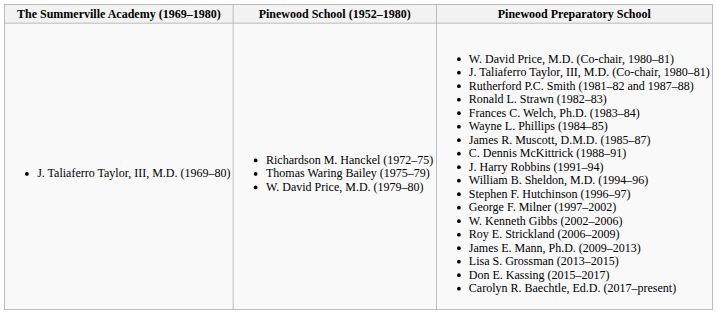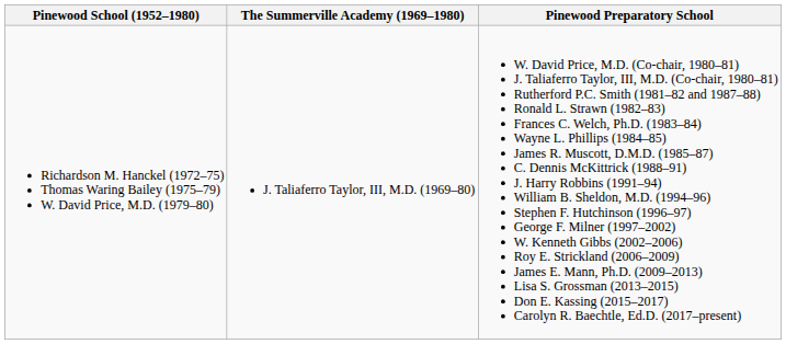 <table class="wikitable">
 <tr>
+<th><strong>Pinewood School</strong> (1952–1980)</th>
 <th><strong>The Summerville Academy</strong> (1969–1980)</th>
-<th><strong>Pinewood School</strong> (1952–1980)</th>
 <th><strong>Pinewood Preparatory School</strong></th>
 </tr>
 <tr>
+<td><br><ul><li>Richardson M. Hanckel (1972–75)</li><li>Thomas Waring Bailey (1975–79)</li><li>W. David Price, M.D. (1979–80)</li></ul></td>
 <td><br><ul><li>J. Taliaferro Taylor, III, M.D. (1969–80)</li></ul></td>
-<td><br><ul><li>Richardson M. Hanckel (1972–75)</li><li>Thomas Waring Bailey (1975–79)</li><li>W. David Price, M.D. (1979–80)</li></ul></td>
 <td><br><ul><li>W. David Price, M.D. (Co-chair, 1980–81)</li><li>J. Taliaferro Taylor, III, M.D. (Co-chair, 1980–81)</li><li>Rutherford P.C. Smith (1981–82 and 1987–88)</li><li>Ronald L. Strawn (1982–83)</li><li>Frances C. Welch, Ph.D. (1983–84)</li><li>Wayne L. Phillips (1984–85)</li><li>James R. Muscott, D.M.D. (1985–87)</li><li>C. Dennis McKittrick (1988–91)</li><li>J. Harry Robbins (1991–94)</li><li>William B. Sheldon, M.D. (1994–96)</li><li>Stephen F. Hutchinson (1996–97)</li><li>George F. Milner (1997–2002)</li><li>W. Kenneth Gibbs (2002–2006)</li><li>Roy E. Strickland (2006–2009)</li><li>James E. Mann, Ph.D. (2009–2013)</li><li>Lisa S. Grossman (2013–2015)</li><li>Don E. Kassing (2015–2017)</li><li>Carolyn R. Baechtle, Ed.D. (2017–present)</li></ul></td>
 </tr>
 </table>
